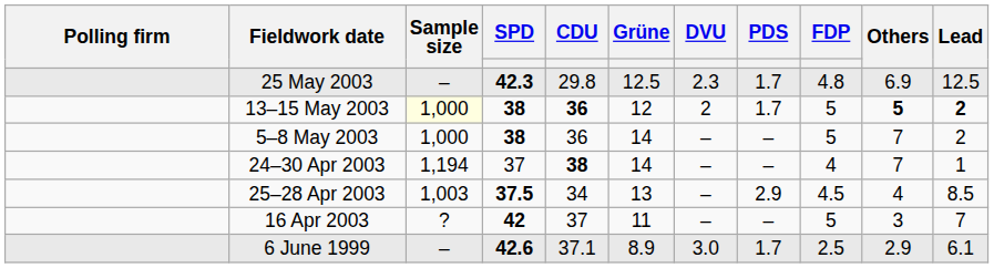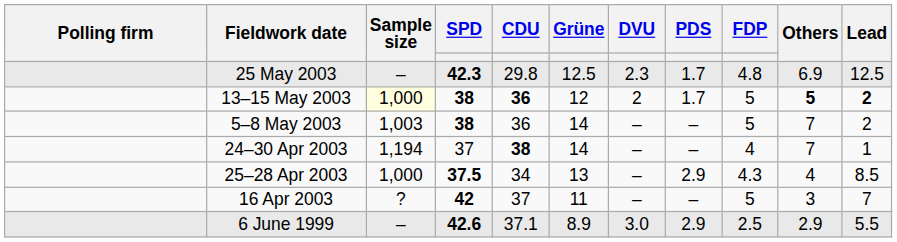 <table class="wikitable sortable" style="text-align:center;font-size:90%;line-height:14px;">
 <tr style="height:40px;">
 <th style="width:160px;" rowspan="2">Polling firm</th>
 <th style="width:125px;" rowspan="2">Fieldwork date</th>
 <th style="width:35px;" rowspan="2">Sample<br>size</th>
 <th class="unsortable" style="width:40px;"><a href='#'>SPD</a></th>
 <th class="unsortable" style="width:40px;"><a href='#'>CDU</a></th>
 <th class="unsortable" style="width:40px;"><a href='#'>Grüne</a></th>
 <th class="unsortable" style="width:40px;"><a href='#'>DVU</a></th>
 <th class="unsortable" style="width:40px;"><a href='#'>PDS</a></th>
 <th class="unsortable" style="width:40px;"><a href='#'>FDP</a></th>
 <th class="unsortable" style="width:40px;" rowspan="2">Others</th>
 <th style="width:30px;" rowspan="2">Lead</th>
 </tr>
 <tr>
 <th style="background:"></th>
 <th style="background:"></th>
 <th style="background:"></th>
 <th style="background:"></th>
 <th style="background:"></th>
 <th style="background:"></th>
 </tr>
 <tr style="background:#E9E9E9;">
 <td></td>
 <td data-sort-value="2003-05-25">25 May 2003</td>
 <td>–</td>
 <td><strong>42.3</strong></td>
 <td>29.8</td>
 <td>12.5</td>
 <td>2.3</td>
 <td>1.7</td>
 <td>4.8</td>
 <td>6.9</td>
 <td style="background:">12.5</td>
 </tr>
 <tr>
 <td></td>
 <td data-sort-value="2003-05-16">13–15 May 2003</td>
 <td style="background: lightyellow;">1,000</td>
 <td><strong>38</strong></td>
 <td><strong>36</strong></td>
 <td>12</td>
 <td>2</td>
 <td>1.7</td>
 <td>5</td>
 <td><strong>5</strong></td>
 <td style="background:"><strong>2</strong></td>
 </tr>
 <tr>
 <td></td>
 <td data-sort-value="2003-05-09">5–8 May 2003</td>
-<td>1,000</td>
+<td>1,003</td>
 <td><strong>38</strong></td>
 <td>36</td>
 <td>14</td>
 <td>–</td>
 <td>–</td>
 <td>5</td>
 <td>7</td>
 <td style="background:">2</td>
 </tr>
 <tr>
 <td></td>
 <td data-sort-value="2003-05-06">24–30 Apr 2003</td>
 <td>1,194</td>
 <td>37</td>
 <td><strong>38</strong></td>
 <td>14</td>
 <td>–</td>
 <td>–</td>
 <td>4</td>
 <td>7</td>
 <td style="background:">1</td>
 </tr>
 <tr>
 <td></td>
 <td data-sort-value="2003-05-03">25–28 Apr 2003</td>
-<td>1,003</td>
+<td>1,000</td>
 <td><strong>37.5</strong></td>
 <td>34</td>
 <td>13</td>
 <td>–</td>
 <td>2.9</td>
-<td>4.5</td>
+<td>4.3</td>
 <td>4</td>
 <td style="background:">8.5</td>
 </tr>
 <tr>
 <td></td>
 <td data-sort-value="2003-04-16">16 Apr 2003</td>
 <td>?</td>
 <td><strong>42</strong></td>
 <td>37</td>
 <td>11</td>
 <td>–</td>
 <td>–</td>
 <td>5</td>
 <td>3</td>
 <td style="background:">7</td>
 </tr>
 <tr style="background:#E9E9E9;">
 <td></td>
 <td data-sort-value="1999-06-06">6 June 1999</td>
 <td>–</td>
 <td><strong>42.6</strong></td>
 <td>37.1</td>
 <td>8.9</td>
 <td>3.0</td>
-<td>1.7</td>
+<td>2.9</td>
 <td>2.5</td>
 <td>2.9</td>
-<td style="background:">6.1</td>
+<td style="background:">5.5</td>
 </tr>
 </table>
